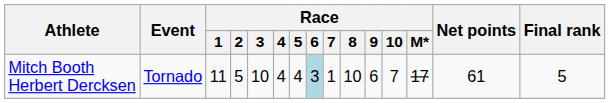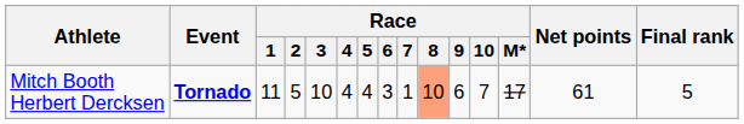 <table class="wikitable" style="font-size:90%">
 <tr>
 <th rowspan=2>Athlete</th>
 <th rowspan=2>Event</th>
 <th colspan=11>Race</th>
 <th rowspan=2>Net points</th>
 <th rowspan=2>Final rank</th>
 </tr>
 <tr style="font-size:95%">
 <th>1</th>
 <th>2</th>
 <th>3</th>
 <th>4</th>
 <th>5</th>
 <th>6</th>
 <th>7</th>
 <th>8</th>
 <th>9</th>
 <th>10</th>
 <th>M*</th>
 </tr>
 <tr align=center>
 <td align=left><a href='#'>Mitch Booth</a><br><a href='#'>Herbert Dercksen</a></td>
-<td align=left><a href='#'>Tornado</a></td>
+<td align=left><strong><a href='#'>Tornado</a></strong></td>
 <td>11</td>
 <td>5</td>
 <td>10</td>
 <td>4</td>
 <td>4</td>
-<td style="background: lightblue;">3</td>
+<td>3</td>
 <td>1</td>
-<td>10</td>
+<td style="background: lightsalmon;">10</td>
 <td>6</td>
 <td>7</td>
 <td><s>17</s></td>
 <td>61</td>
 <td>5</td>
 </tr>
 </table>
